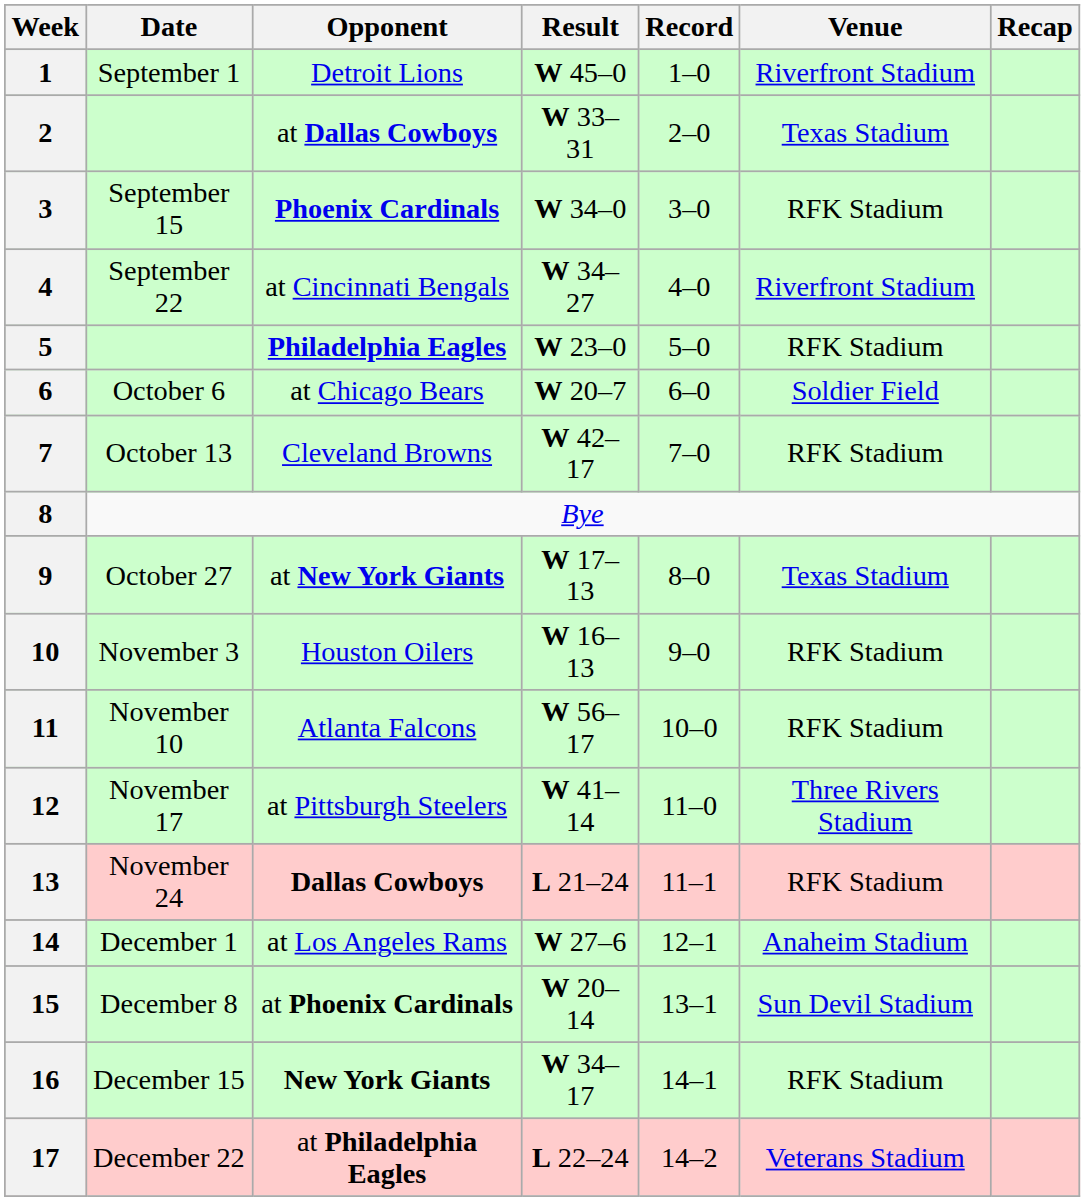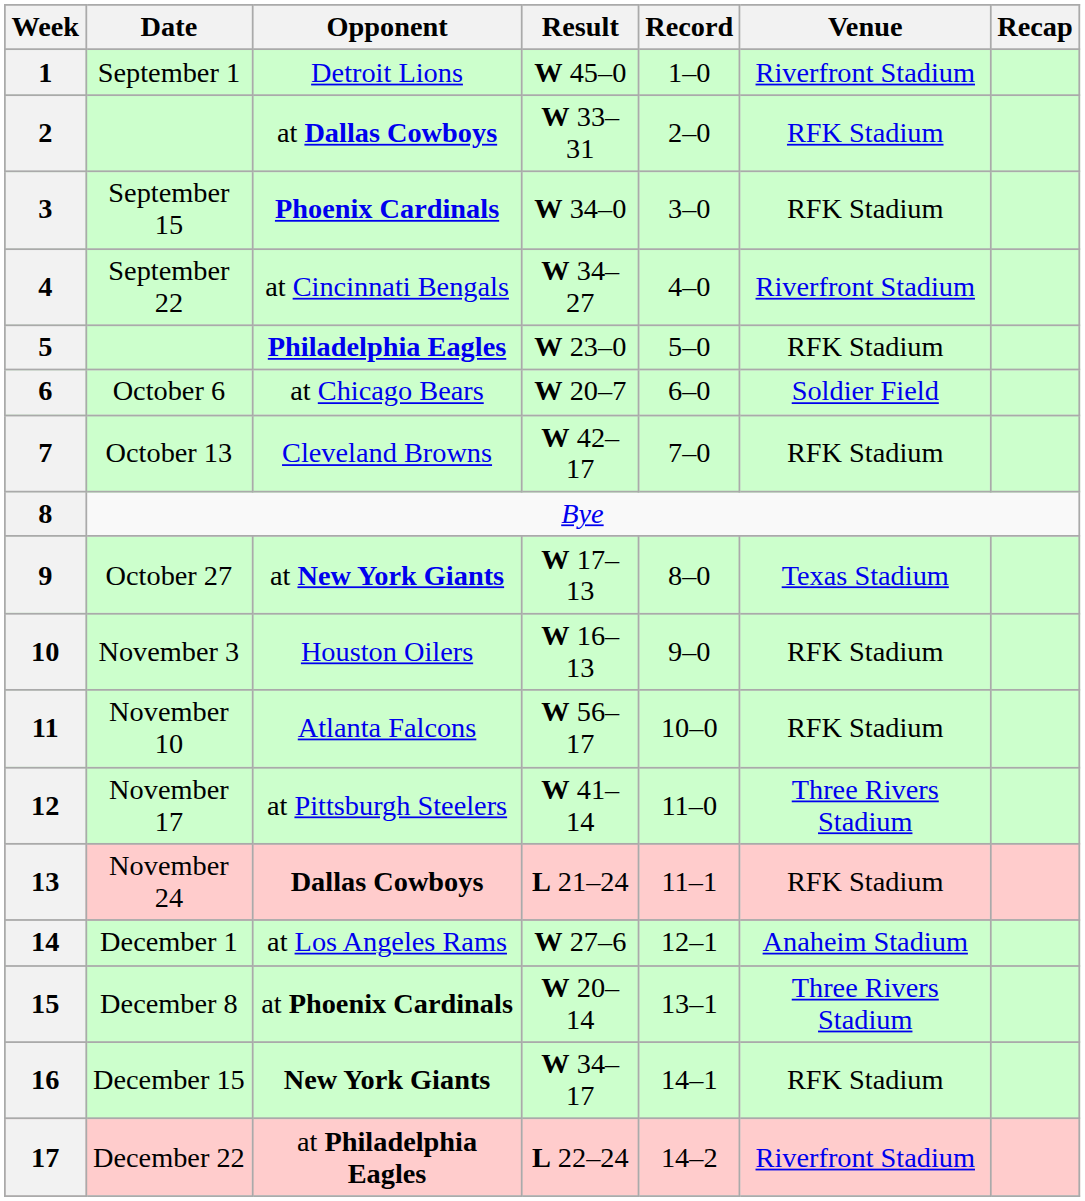 <table class="wikitable" style="text-align:center">
 <tr>
 <th>Week</th>
 <th>Date</th>
 <th>Opponent</th>
 <th>Result</th>
 <th>Record</th>
 <th>Venue</th>
 <th>Recap</th>
 </tr>
 <tr style="background:#cfc">
 <th>1</th>
 <td>September 1</td>
 <td><a href='#'>Detroit Lions</a></td>
 <td><strong>W</strong> 45–0</td>
 <td>1–0</td>
 <td><a href='#'>Riverfront Stadium</a></td>
 <td></td>
 </tr>
 <tr style="background:#cfc">
 <th>2</th>
 <td></td>
 <td>at <strong><a href='#'>Dallas Cowboys</a></strong></td>
 <td><strong>W</strong> 33–31</td>
 <td>2–0</td>
-<td><a href='#'>Texas Stadium</a></td>
+<td><a href='#'>RFK Stadium</a></td>
 <td></td>
 </tr>
 <tr style="background:#cfc">
 <th>3</th>
 <td>September 15</td>
 <td><strong><a href='#'>Phoenix Cardinals</a></strong></td>
 <td><strong>W</strong> 34–0</td>
 <td>3–0</td>
 <td>RFK Stadium</td>
 <td></td>
 </tr>
 <tr style="background:#cfc">
 <th>4</th>
 <td>September 22</td>
 <td>at <a href='#'>Cincinnati Bengals</a></td>
 <td><strong>W</strong> 34–27</td>
 <td>4–0</td>
 <td><a href='#'>Riverfront Stadium</a></td>
 <td></td>
 </tr>
 <tr style="background:#cfc">
 <th>5</th>
 <td></td>
 <td><strong><a href='#'>Philadelphia Eagles</a></strong></td>
 <td><strong>W</strong> 23–0</td>
 <td>5–0</td>
 <td>RFK Stadium</td>
 <td></td>
 </tr>
 <tr style="background:#cfc">
 <th>6</th>
 <td>October 6</td>
 <td>at <a href='#'>Chicago Bears</a></td>
 <td><strong>W</strong> 20–7</td>
 <td>6–0</td>
 <td><a href='#'>Soldier Field</a></td>
 <td></td>
 </tr>
 <tr style="background:#cfc">
 <th>7</th>
 <td>October 13</td>
 <td><a href='#'>Cleveland Browns</a></td>
 <td><strong>W</strong> 42–17</td>
 <td>7–0</td>
 <td>RFK Stadium</td>
 <td></td>
 </tr>
 <tr>
 <th>8</th>
 <td colspan="6"><em><a href='#'>Bye</a></em></td>
 </tr>
 <tr style="background:#cfc">
 <th>9</th>
 <td>October 27</td>
 <td>at <strong><a href='#'>New York Giants</a></strong></td>
 <td><strong>W</strong> 17–13</td>
 <td>8–0</td>
 <td><a href='#'>Texas Stadium</a></td>
 <td></td>
 </tr>
 <tr style="background:#cfc">
 <th>10</th>
 <td>November 3</td>
 <td><a href='#'>Houston Oilers</a></td>
 <td><strong>W</strong> 16–13 </td>
 <td>9–0</td>
 <td>RFK Stadium</td>
 <td></td>
 </tr>
 <tr style="background:#cfc">
 <th>11</th>
 <td>November 10</td>
 <td><a href='#'>Atlanta Falcons</a></td>
 <td><strong>W</strong> 56–17</td>
 <td>10–0</td>
 <td>RFK Stadium</td>
 <td></td>
 </tr>
 <tr style="background:#cfc">
 <th>12</th>
 <td>November 17</td>
 <td>at <a href='#'>Pittsburgh Steelers</a></td>
 <td><strong>W</strong> 41–14</td>
 <td>11–0</td>
 <td><a href='#'>Three Rivers Stadium</a></td>
 <td></td>
 </tr>
 <tr style="background:#fcc">
 <th>13</th>
 <td>November 24</td>
 <td><strong>Dallas Cowboys</strong></td>
 <td><strong>L</strong> 21–24</td>
 <td>11–1</td>
 <td>RFK Stadium</td>
 <td></td>
 </tr>
 <tr style="background:#cfc">
 <th>14</th>
 <td>December 1</td>
 <td>at <a href='#'>Los Angeles Rams</a></td>
 <td><strong>W</strong> 27–6</td>
 <td>12–1</td>
 <td><a href='#'>Anaheim Stadium</a></td>
 <td></td>
 </tr>
 <tr style="background:#cfc">
 <th>15</th>
 <td>December 8</td>
 <td>at <strong>Phoenix Cardinals</strong></td>
 <td><strong>W</strong> 20–14</td>
 <td>13–1</td>
-<td><a href='#'>Sun Devil Stadium</a></td>
+<td><a href='#'>Three Rivers Stadium</a></td>
 <td></td>
 </tr>
 <tr style="background:#cfc">
 <th>16</th>
 <td>December 15</td>
 <td><strong>New York Giants</strong></td>
 <td><strong>W</strong> 34–17</td>
 <td>14–1</td>
 <td>RFK Stadium</td>
 <td></td>
 </tr>
 <tr style="background:#fcc">
 <th>17</th>
 <td>December 22</td>
 <td>at <strong>Philadelphia Eagles</strong></td>
 <td><strong>L</strong> 22–24</td>
 <td>14–2</td>
-<td><a href='#'>Veterans Stadium</a></td>
+<td><a href='#'>Riverfront Stadium</a></td>
 <td></td>
 </tr>
 </table>
